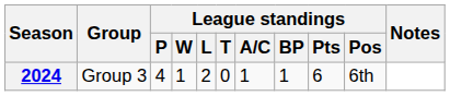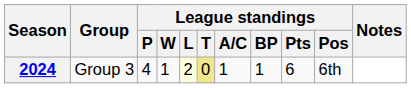 <table class="wikitable sortable">
 <tr>
 <th scope="col" rowspan="2">Season</th>
 <th scope="col" rowspan="2">Group</th>
 <th scope="col" colspan="8">League standings</th>
 <th scope="col" rowspan="2">Notes</th>
 </tr>
 <tr>
 <th scope="col">P</th>
 <th scope="col">W</th>
 <th scope="col">L</th>
 <th scope="col">T</th>
 <th scope="col">A/C</th>
 <th scope="col">BP</th>
 <th scope="col">Pts</th>
 <th scope="col">Pos</th>
 </tr>
 <tr>
 <th scope="row"><a href='#'>2024</a></th>
 <td>Group 3</td>
 <td>4</td>
 <td>1</td>
-<td>2</td>
-<td>0</td>
+<td style="background: lightyellow;">2</td>
+<td style="background: khaki;">0</td>
 <td>1</td>
 <td>1</td>
 <td>6</td>
 <td>6th</td>
 <td style="background: white;"></td>
 </tr>
 </table>
